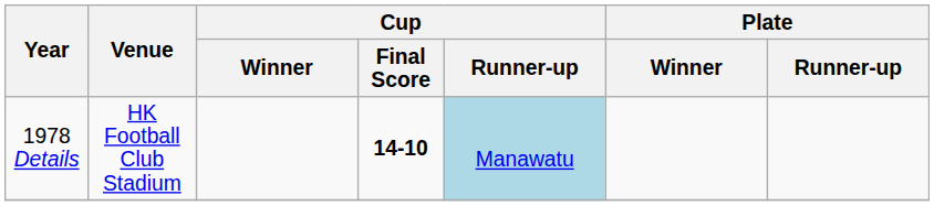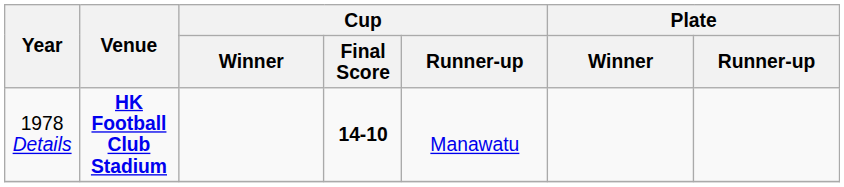 <table class="wikitable" style="font-size:90%; width: 100%; text-align: center;">
 <tr>
 <th rowspan=2 width=5%>Year</th>
 <th rowspan=2 width=10%>Venue</th>
 <th colspan=3>Cup</th>
 <th colspan=2>Plate</th>
 </tr>
 <tr>
 <th width=15%>Winner</th>
 <th width=8%>Final Score</th>
 <th width=15%>Runner-up</th>
 <th width=15%>Winner</th>
 <th width=15%>Runner-up</th>
 </tr>
 <tr>
 <td>1978<br> <em><a href='#'>Details</a></em></td>
-<td><a href='#'>HK Football Club Stadium</a></td>
+<td><strong><a href='#'>HK Football Club Stadium</a></strong></td>
 <td><strong></strong></td>
 <td><strong>14-10</strong></td>
-<td style="background: lightblue;"><br><a href='#'>Manawatu</a></td>
+<td><br><a href='#'>Manawatu</a></td>
 <td></td>
 <td></td>
 </tr>
 <tr>
 </tr>
 </table>
